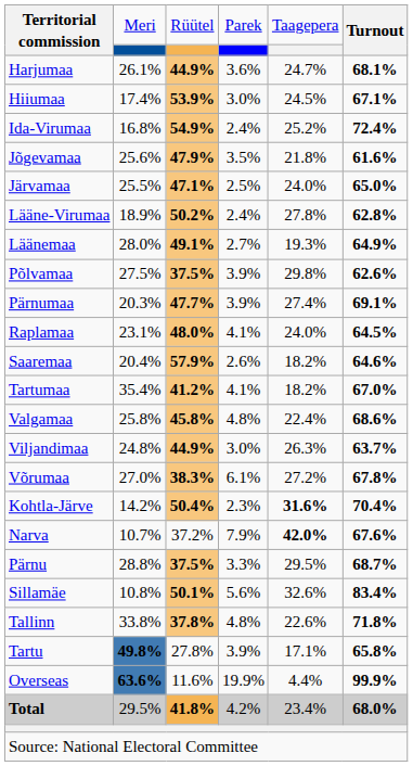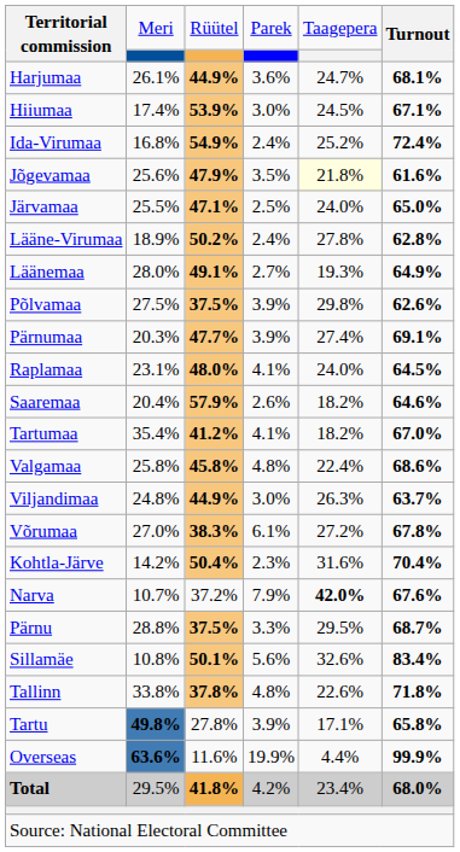 <table class="wikitable sortable" style="text-align:center; font-size:95%; line-height:20px">
 <tr>
 <th rowspan="2">Territorial <br>commission</th>
 <td><a href='#'>Meri</a></td>
 <td><a href='#'>Rüütel</a></td>
 <td><a href='#'>Parek</a></td>
 <td><a href='#'>Taagepera</a></td>
 <th rowspan="2">Turnout</th>
 </tr>
 <tr>
 <th style="background:#014F9A"></th>
 <th style="background:#F5B453"></th>
 <th style="background:#0000ff"></th>
 <th style="background:"></th>
 </tr>
 <tr>
 <td align="left"><a href='#'>Harjumaa</a></td>
 <td>26.1%</td>
 <td style="background:#F8C77E"><strong>44.9%</strong></td>
 <td>3.6%</td>
 <td>24.7%</td>
 <td><strong>68.1%</strong></td>
 </tr>
 <tr>
 <td align="left"><a href='#'>Hiiumaa</a></td>
 <td>17.4%</td>
 <td style="background:#F8C77E"><strong>53.9%</strong></td>
 <td>3.0%</td>
 <td>24.5%</td>
 <td><strong>67.1%</strong></td>
 </tr>
 <tr>
 <td align="left"><a href='#'>Ida-Virumaa</a></td>
 <td>16.8%</td>
 <td style="background:#F8C77E"><strong>54.9%</strong></td>
 <td>2.4%</td>
 <td>25.2%</td>
 <td><strong>72.4%</strong></td>
 </tr>
 <tr>
 <td align="left"><a href='#'>Jõgevamaa</a></td>
 <td>25.6%</td>
 <td style="background:#F8C77E"><strong>47.9%</strong></td>
 <td>3.5%</td>
-<td>21.8%</td>
+<td style="background: lightyellow;">21.8%</td>
 <td><strong>61.6%</strong></td>
 </tr>
 <tr>
 <td align="left"><a href='#'>Järvamaa</a></td>
 <td>25.5%</td>
 <td style="background:#F8C77E"><strong>47.1%</strong></td>
 <td>2.5%</td>
 <td>24.0%</td>
 <td><strong>65.0%</strong></td>
 </tr>
 <tr>
 <td align="left"><a href='#'>Lääne-Virumaa</a></td>
 <td>18.9%</td>
 <td style="background:#F8C77E"><strong>50.2%</strong></td>
 <td>2.4%</td>
 <td>27.8%</td>
 <td><strong>62.8%</strong></td>
 </tr>
 <tr>
 <td align="left"><a href='#'>Läänemaa</a></td>
 <td>28.0%</td>
 <td style="background:#F8C77E"><strong>49.1%</strong></td>
 <td>2.7%</td>
 <td>19.3%</td>
 <td><strong>64.9%</strong></td>
 </tr>
 <tr>
 <td align="left"><a href='#'>Põlvamaa</a></td>
 <td>27.5%</td>
 <td style="background:#F8C77E"><strong>37.5%</strong></td>
 <td>3.9%</td>
 <td>29.8%</td>
 <td><strong>62.6%</strong></td>
 </tr>
 <tr>
 <td align="left"><a href='#'>Pärnumaa</a></td>
 <td>20.3%</td>
 <td style="background:#F8C77E"><strong>47.7%</strong></td>
 <td>3.9%</td>
 <td>27.4%</td>
 <td><strong>69.1%</strong></td>
 </tr>
 <tr>
 <td align="left"><a href='#'>Raplamaa</a></td>
 <td>23.1%</td>
 <td style="background:#F8C77E"><strong>48.0%</strong></td>
 <td>4.1%</td>
 <td>24.0%</td>
 <td><strong>64.5%</strong></td>
 </tr>
 <tr>
 <td align="left"><a href='#'>Saaremaa</a></td>
 <td>20.4%</td>
 <td style="background:#F8C77E"><strong>57.9%</strong></td>
 <td>2.6%</td>
 <td>18.2%</td>
 <td><strong>64.6%</strong></td>
 </tr>
 <tr>
 <td align="left"><a href='#'>Tartumaa</a></td>
 <td>35.4%</td>
 <td style="background:#F8C77E"><strong>41.2%</strong></td>
 <td>4.1%</td>
 <td>18.2%</td>
 <td><strong>67.0%</strong></td>
 </tr>
 <tr>
 <td align="left"><a href='#'>Valgamaa</a></td>
 <td>25.8%</td>
 <td style="background:#F8C77E"><strong>45.8%</strong></td>
 <td>4.8%</td>
 <td>22.4%</td>
 <td><strong>68.6%</strong></td>
 </tr>
 <tr>
 <td align="left"><a href='#'>Viljandimaa</a></td>
 <td>24.8%</td>
 <td style="background:#F8C77E"><strong>44.9%</strong></td>
 <td>3.0%</td>
 <td>26.3%</td>
 <td><strong>63.7%</strong></td>
 </tr>
 <tr>
 <td align="left"><a href='#'>Võrumaa</a></td>
 <td>27.0%</td>
 <td style="background:#F8C77E"><strong>38.3%</strong></td>
 <td>6.1%</td>
 <td>27.2%</td>
 <td><strong>67.8%</strong></td>
 </tr>
 <tr>
 <td align="left"><a href='#'>Kohtla-Järve</a></td>
 <td>14.2%</td>
 <td style="background:#F8C77E"><strong>50.4%</strong></td>
 <td>2.3%</td>
-<td><strong>31.6%</strong></td>
+<td>31.6%</td>
 <td><strong>70.4%</strong></td>
 </tr>
 <tr>
 <td align="left"><a href='#'>Narva</a></td>
 <td>10.7%</td>
 <td>37.2%</td>
 <td>7.9%</td>
 <td style="background:"><strong>42.0%</strong></td>
 <td><strong>67.6%</strong></td>
 </tr>
 <tr>
 <td align="left"><a href='#'>Pärnu</a></td>
 <td>28.8%</td>
 <td style="background:#F8C77E"><strong>37.5%</strong></td>
 <td>3.3%</td>
 <td>29.5%</td>
 <td><strong>68.7%</strong></td>
 </tr>
 <tr>
 <td align="left"><a href='#'>Sillamäe</a></td>
 <td>10.8%</td>
 <td style="background:#F8C77E"><strong>50.1%</strong></td>
 <td>5.6%</td>
 <td>32.6%</td>
 <td><strong>83.4%</strong></td>
 </tr>
 <tr>
 <td align="left"><a href='#'>Tallinn</a></td>
 <td>33.8%</td>
 <td style="background:#F8C77E"><strong>37.8%</strong></td>
 <td>4.8%</td>
 <td>22.6%</td>
 <td><strong>71.8%</strong></td>
 </tr>
 <tr>
 <td align="left"><a href='#'>Tartu</a></td>
 <td style="background:#417BB3"><strong>49.8%</strong></td>
 <td>27.8%</td>
 <td>3.9%</td>
 <td>17.1%</td>
 <td><strong>65.8%</strong></td>
 </tr>
 <tr>
 <td align="left"><a href='#'>Overseas</a></td>
 <td style="background:#417BB3"><strong>63.6%</strong></td>
 <td>11.6%</td>
 <td>19.9%</td>
 <td>4.4%</td>
 <td><strong>99.9%</strong></td>
 </tr>
 <tr style="background:#CDCDCD">
 <td align="left"><strong>Total</strong></td>
 <td>29.5%</td>
 <td style="background:#F5B453"><strong>41.8%</strong></td>
 <td>4.2%</td>
 <td>23.4%</td>
 <td><strong>68.0%</strong></td>
 </tr>
 <tr>
 <th colspan="10"></th>
 </tr>
 <tr>
 <th colspan="10" style="text-align:left; font-weight:normal; background:#F9F9F9">Source: National Electoral Committee</th>
 </tr>
 </table>
